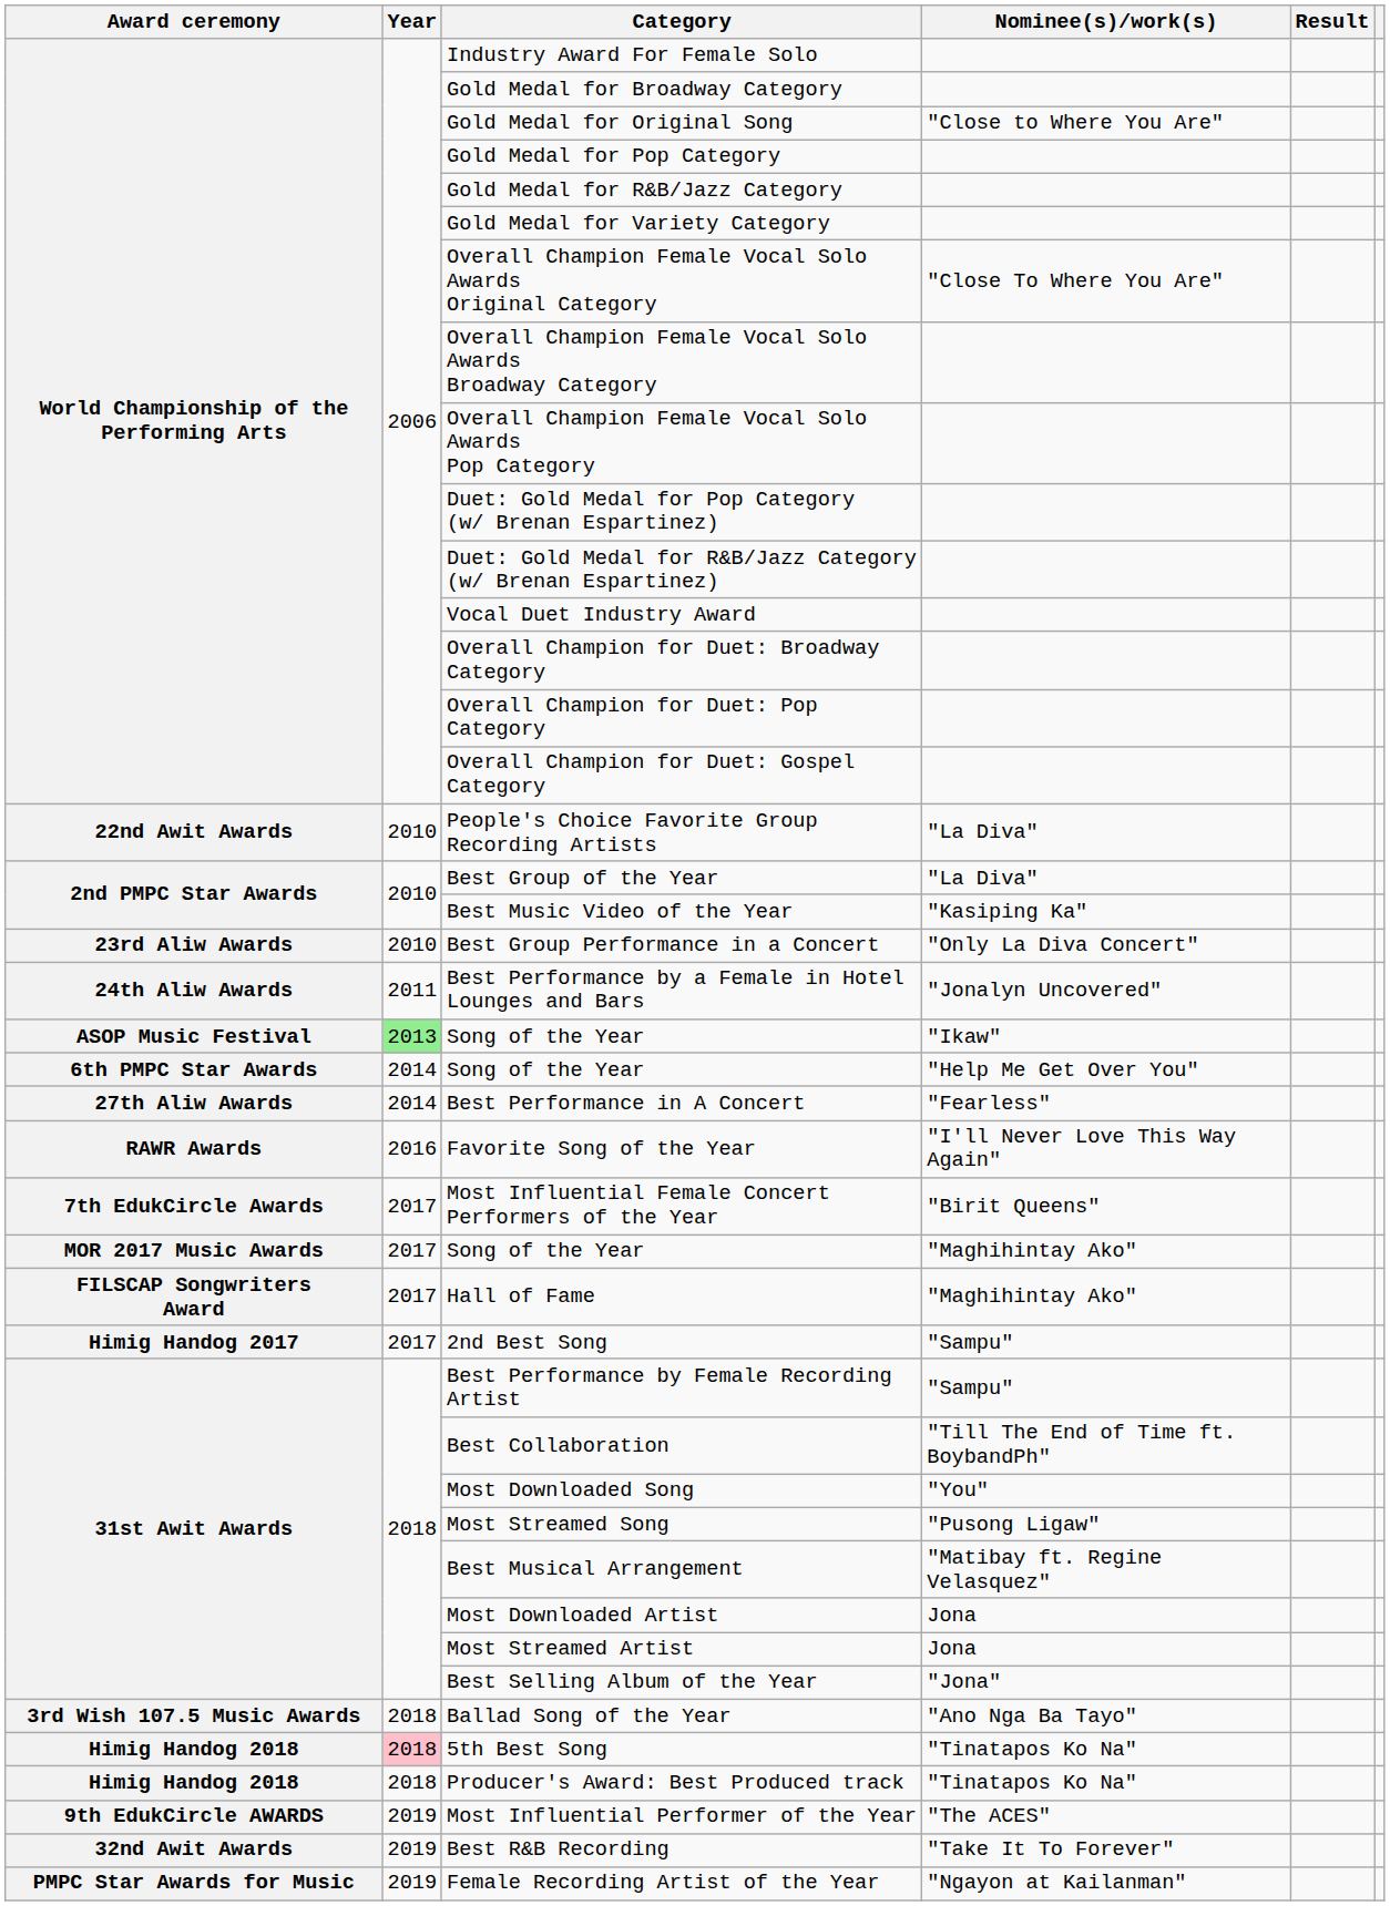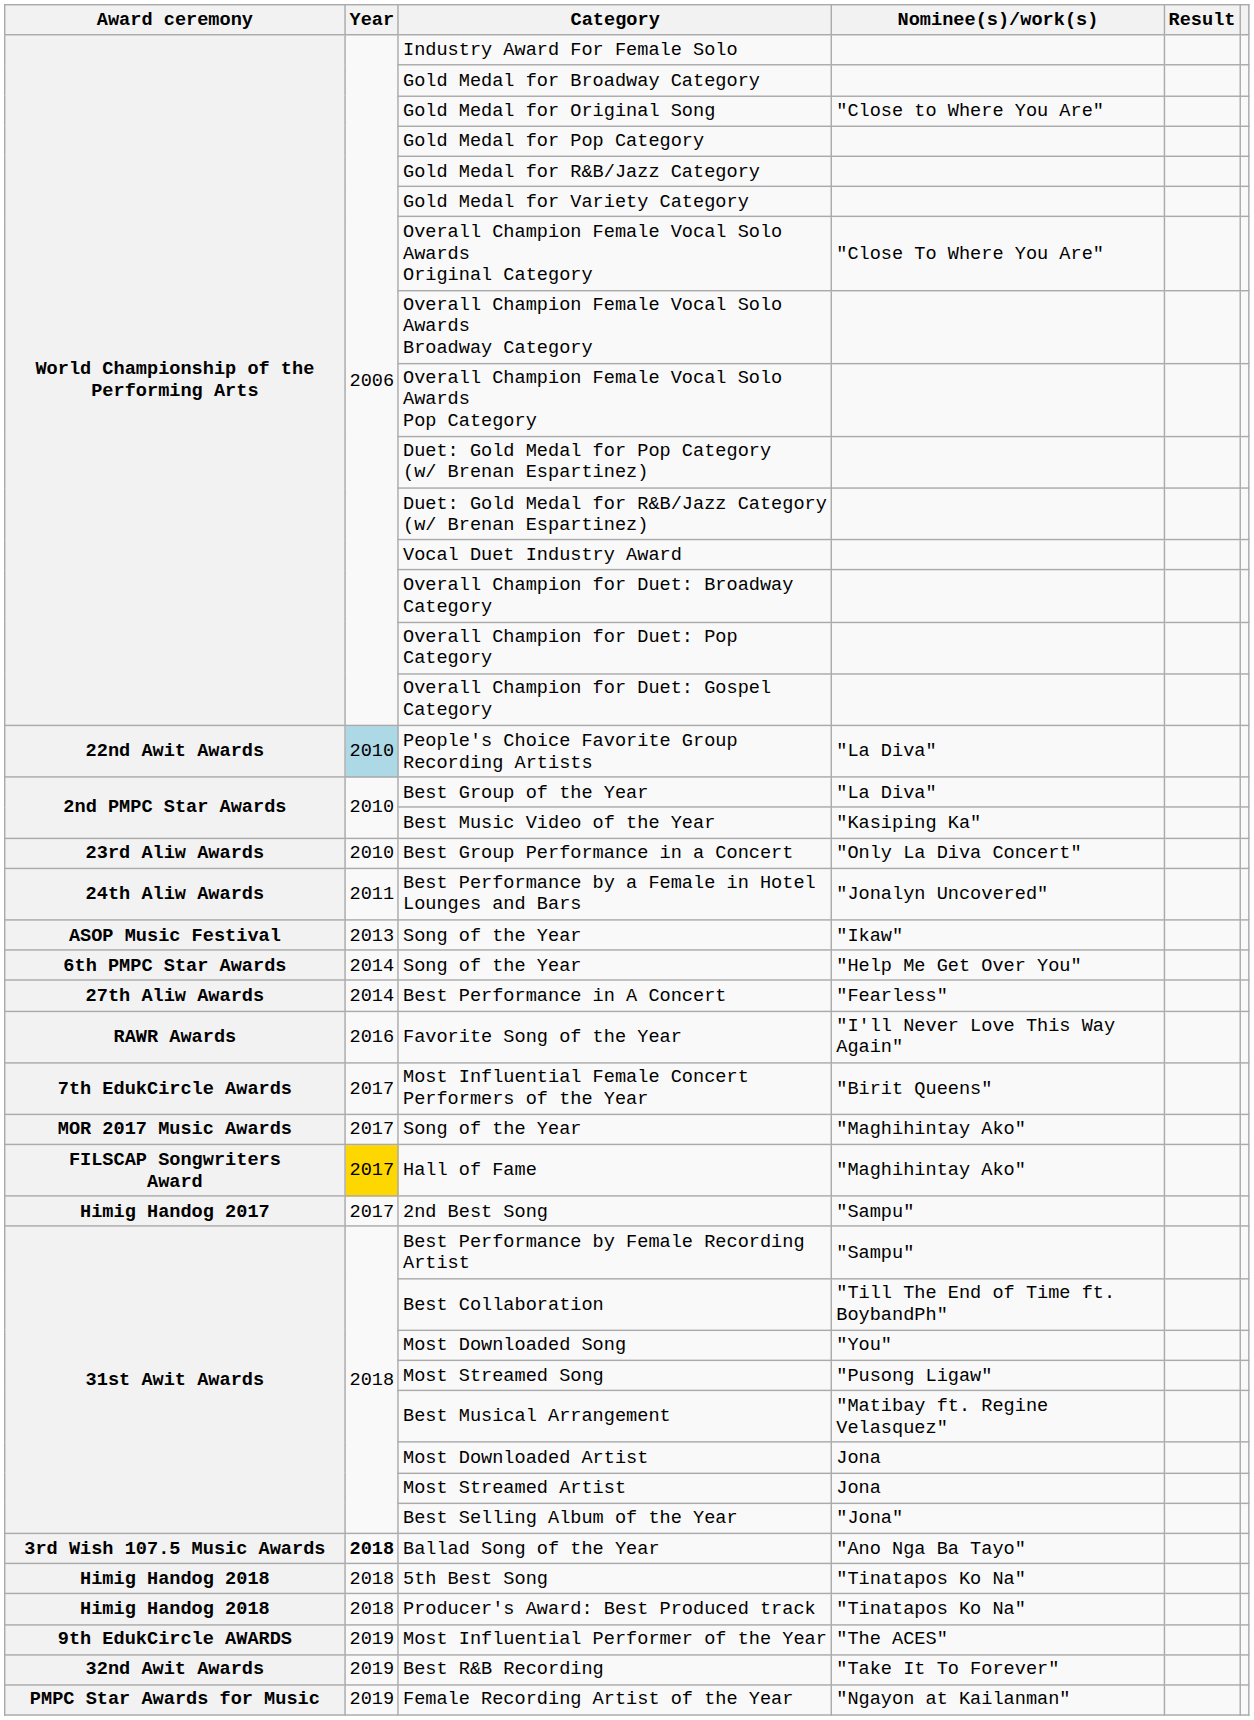 <table class="wikitable toptextcells">
 <tr>
 <th scope="col">Award ceremony</th>
 <th scope="col">Year</th>
 <th scope="col">Category</th>
 <th scope="col">Nominee(s)/work(s)</th>
 <th scope="col">Result</th>
 <th scope="col"></th>
 </tr>
 <tr>
 <th scope="row" rowspan="15">World Championship of the Performing Arts</th>
 <td rowspan="15">2006</td>
 <td>Industry Award For Female Solo</td>
 <td></td>
 <td></td>
 <td></td>
 </tr>
 <tr>
 <td>Gold Medal for Broadway Category</td>
 <td></td>
 <td></td>
 <td></td>
 </tr>
 <tr>
 <td>Gold Medal for Original Song</td>
 <td>"Close to Where You Are"</td>
 <td></td>
 <td></td>
 </tr>
 <tr>
 <td>Gold Medal for Pop Category</td>
 <td></td>
 <td></td>
 <td></td>
 </tr>
 <tr>
 <td>Gold Medal for R&B/Jazz Category</td>
 <td></td>
 <td></td>
 <td></td>
 </tr>
 <tr>
 <td>Gold Medal for Variety Category</td>
 <td></td>
 <td></td>
 <td></td>
 </tr>
 <tr>
 <td>Overall Champion Female Vocal Solo Awards<br>Original Category</td>
 <td>"Close To Where You Are"</td>
 <td></td>
 <td></td>
 </tr>
 <tr>
 <td>Overall Champion Female Vocal Solo Awards<br>Broadway Category</td>
 <td></td>
 <td></td>
 <td></td>
 </tr>
 <tr>
 <td>Overall Champion Female Vocal Solo Awards<br>Pop Category</td>
 <td></td>
 <td></td>
 <td></td>
 </tr>
 <tr>
 <td>Duet: Gold Medal for Pop Category<br>(w/ Brenan Espartinez)</td>
 <td></td>
 <td></td>
 <td></td>
 </tr>
 <tr>
 <td>Duet: Gold Medal for R&B/Jazz Category<br>(w/ Brenan Espartinez)</td>
 <td></td>
 <td></td>
 <td></td>
 </tr>
 <tr>
 <td>Vocal Duet Industry Award</td>
 <td></td>
 <td></td>
 <td></td>
 </tr>
 <tr>
 <td>Overall Champion for Duet: Broadway<br>Category</td>
 <td></td>
 <td></td>
 <td></td>
 </tr>
 <tr>
 <td>Overall Champion for Duet: Pop<br>Category</td>
 <td></td>
 <td></td>
 <td></td>
 </tr>
 <tr>
 <td>Overall Champion for Duet: Gospel Category</td>
 <td></td>
 <td></td>
 <td></td>
 </tr>
 <tr>
 <th scope="row">22nd Awit Awards</th>
-<td>2010</td>
+<td style="background: lightblue;">2010</td>
 <td>People's Choice Favorite Group Recording Artists</td>
 <td>"La Diva"</td>
 <td></td>
 <td></td>
 </tr>
 <tr>
 <th scope="row" rowspan="2">2nd PMPC Star Awards</th>
 <td rowspan="2">2010</td>
 <td>Best Group of the Year</td>
 <td>"La Diva"</td>
 <td></td>
 <td></td>
 </tr>
 <tr>
 <td>Best Music Video of the Year</td>
 <td>"Kasiping Ka"</td>
 <td></td>
 <td></td>
 </tr>
 <tr>
 <th scope="row">23rd Aliw Awards</th>
 <td>2010</td>
 <td>Best Group Performance in a Concert</td>
 <td>"Only La Diva Concert"</td>
 <td></td>
 <td></td>
 </tr>
 <tr>
 <th scope="row">24th Aliw Awards</th>
 <td>2011</td>
 <td>Best Performance by a Female in Hotel Lounges and Bars</td>
 <td>"Jonalyn Uncovered"</td>
 <td></td>
 <td></td>
 </tr>
 <tr>
 <th scope="row">ASOP Music Festival</th>
-<td style="background: lightgreen;">2013</td>
+<td>2013</td>
 <td>Song of the Year</td>
 <td>"Ikaw"</td>
 <td></td>
 <td></td>
 </tr>
 <tr>
 <th scope="row">6th PMPC Star Awards</th>
 <td>2014</td>
 <td>Song of the Year</td>
 <td>"Help Me Get Over You"</td>
 <td></td>
 <td></td>
 </tr>
 <tr>
 <th scope="row">27th Aliw Awards</th>
 <td>2014</td>
 <td>Best Performance in A Concert</td>
 <td>"Fearless"</td>
 <td></td>
 <td></td>
 </tr>
 <tr>
 <th scope="row">RAWR Awards</th>
 <td>2016</td>
 <td>Favorite Song of the Year</td>
 <td>"I'll Never Love This Way Again"</td>
 <td></td>
 <td></td>
 </tr>
 <tr>
 <th scope="row">7th EdukCircle Awards</th>
 <td>2017</td>
 <td>Most Influential Female Concert Performers of the Year</td>
 <td>"Birit Queens"</td>
 <td></td>
 <td></td>
 </tr>
 <tr>
 <th scope="row">MOR 2017 Music Awards</th>
 <td>2017</td>
 <td>Song of the Year</td>
 <td>"Maghihintay Ako"</td>
 <td></td>
 <td></td>
 </tr>
 <tr>
 <th scope="row">FILSCAP Songwriters<br>Award</th>
-<td>2017</td>
+<td style="background: gold;">2017</td>
 <td>Hall of Fame</td>
 <td>"Maghihintay Ako"</td>
 <td></td>
 <td></td>
 </tr>
 <tr>
 <th scope="row">Himig Handog 2017</th>
 <td>2017</td>
 <td>2nd Best Song</td>
 <td>"Sampu"</td>
 <td></td>
 <td></td>
 </tr>
 <tr>
 <th scope="row" rowspan="8">31st Awit Awards</th>
 <td rowspan="8">2018</td>
 <td>Best Performance by Female Recording Artist</td>
 <td>"Sampu"</td>
 <td></td>
 <td></td>
 </tr>
 <tr>
 <td>Best Collaboration</td>
 <td>"Till The End of Time ft. BoybandPh"</td>
 <td></td>
 <td></td>
 </tr>
 <tr>
 <td>Most Downloaded Song</td>
 <td>"You"</td>
 <td></td>
 <td></td>
 </tr>
 <tr>
 <td>Most Streamed Song</td>
 <td>"Pusong Ligaw"</td>
 <td></td>
 <td></td>
 </tr>
 <tr>
 <td>Best Musical Arrangement</td>
 <td>"Matibay ft. Regine Velasquez"</td>
 <td></td>
 <td></td>
 </tr>
 <tr>
 <td>Most Downloaded Artist</td>
 <td>Jona</td>
 <td></td>
 <td></td>
 </tr>
 <tr>
 <td>Most Streamed Artist</td>
 <td>Jona</td>
 <td></td>
 <td></td>
 </tr>
 <tr>
 <td>Best Selling Album of the Year</td>
 <td>"Jona"</td>
 <td></td>
 <td></td>
 </tr>
 <tr>
 <th scope="row">3rd Wish 107.5 Music Awards</th>
-<td>2018</td>
+<td><strong>2018</strong></td>
 <td>Ballad Song of the Year</td>
 <td>"Ano Nga Ba Tayo"</td>
 <td></td>
 <td></td>
 </tr>
 <tr>
 <th scope="row">Himig Handog 2018</th>
-<td style="background: pink;">2018</td>
+<td>2018</td>
 <td>5th Best Song</td>
 <td>"Tinatapos Ko Na"</td>
 <td></td>
 <td></td>
 </tr>
 <tr>
 <th scope="row">Himig Handog 2018</th>
 <td>2018</td>
 <td>Producer's Award: Best Produced track</td>
 <td>"Tinatapos Ko Na"</td>
 <td></td>
 <td></td>
 </tr>
 <tr>
 <th scope="row">9th EdukCircle AWARDS</th>
 <td>2019</td>
 <td>Most Influential Performer of the Year</td>
 <td>"The ACES"</td>
 <td></td>
 <td></td>
 </tr>
 <tr>
 <th scope="row">32nd Awit Awards</th>
 <td>2019</td>
 <td>Best R&B Recording</td>
 <td>"Take It To Forever"</td>
 <td></td>
 <td></td>
 </tr>
 <tr>
 <th scope="row">PMPC Star Awards for Music</th>
 <td>2019</td>
 <td>Female Recording Artist of the Year</td>
 <td>"Ngayon at Kailanman"</td>
 <td></td>
 <td></td>
 </tr>
 </table>
